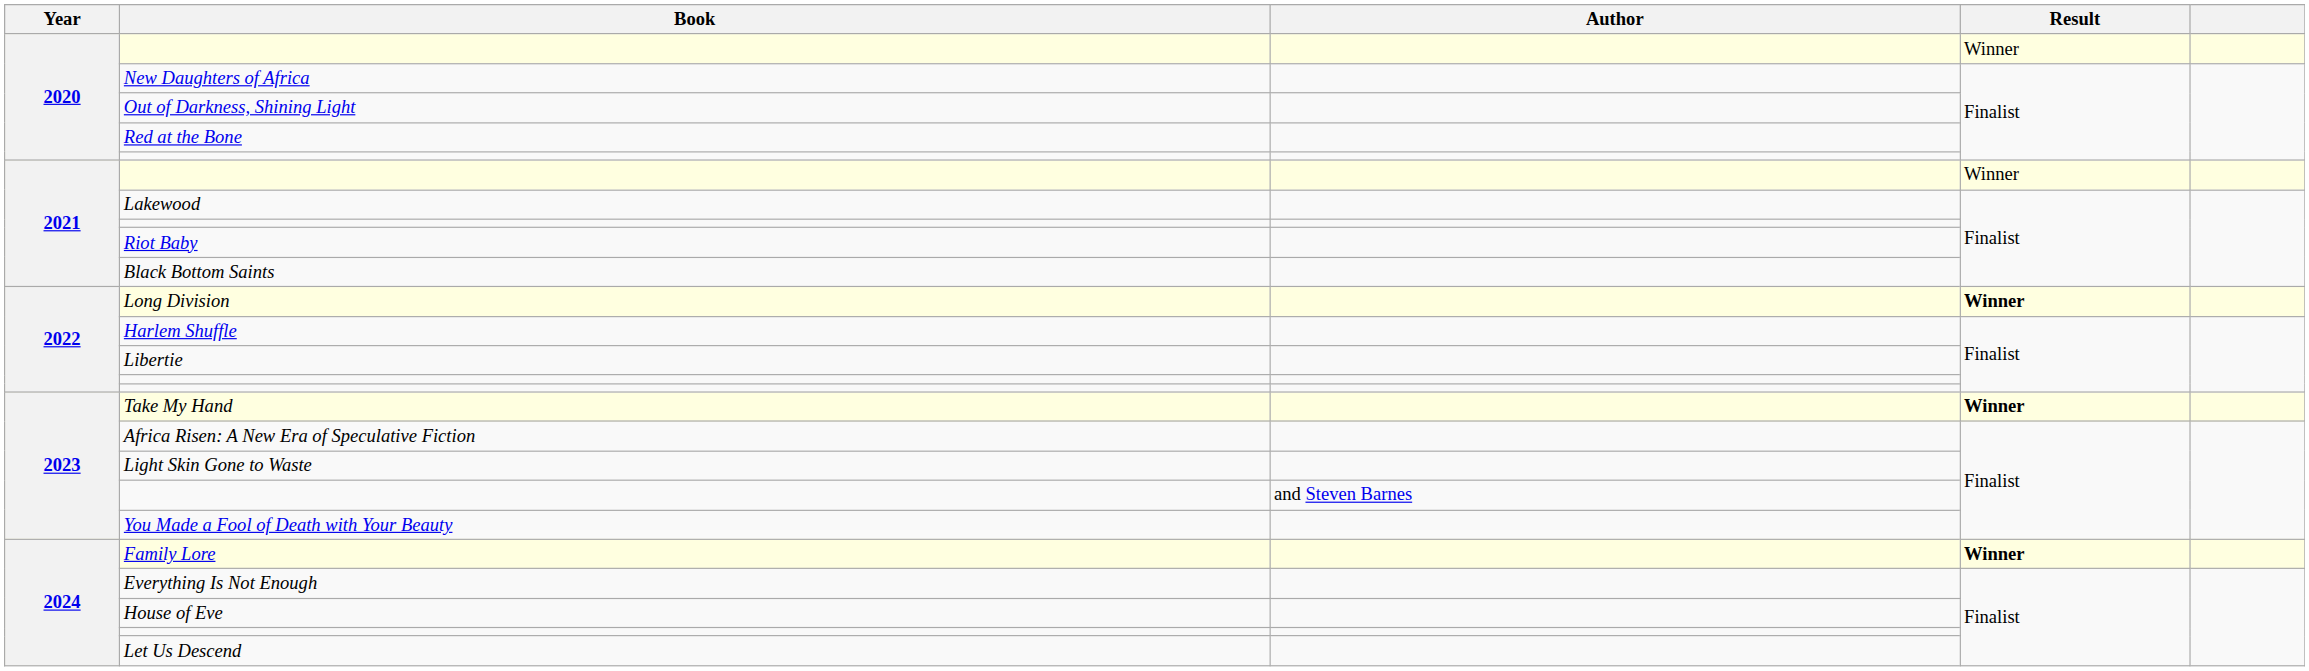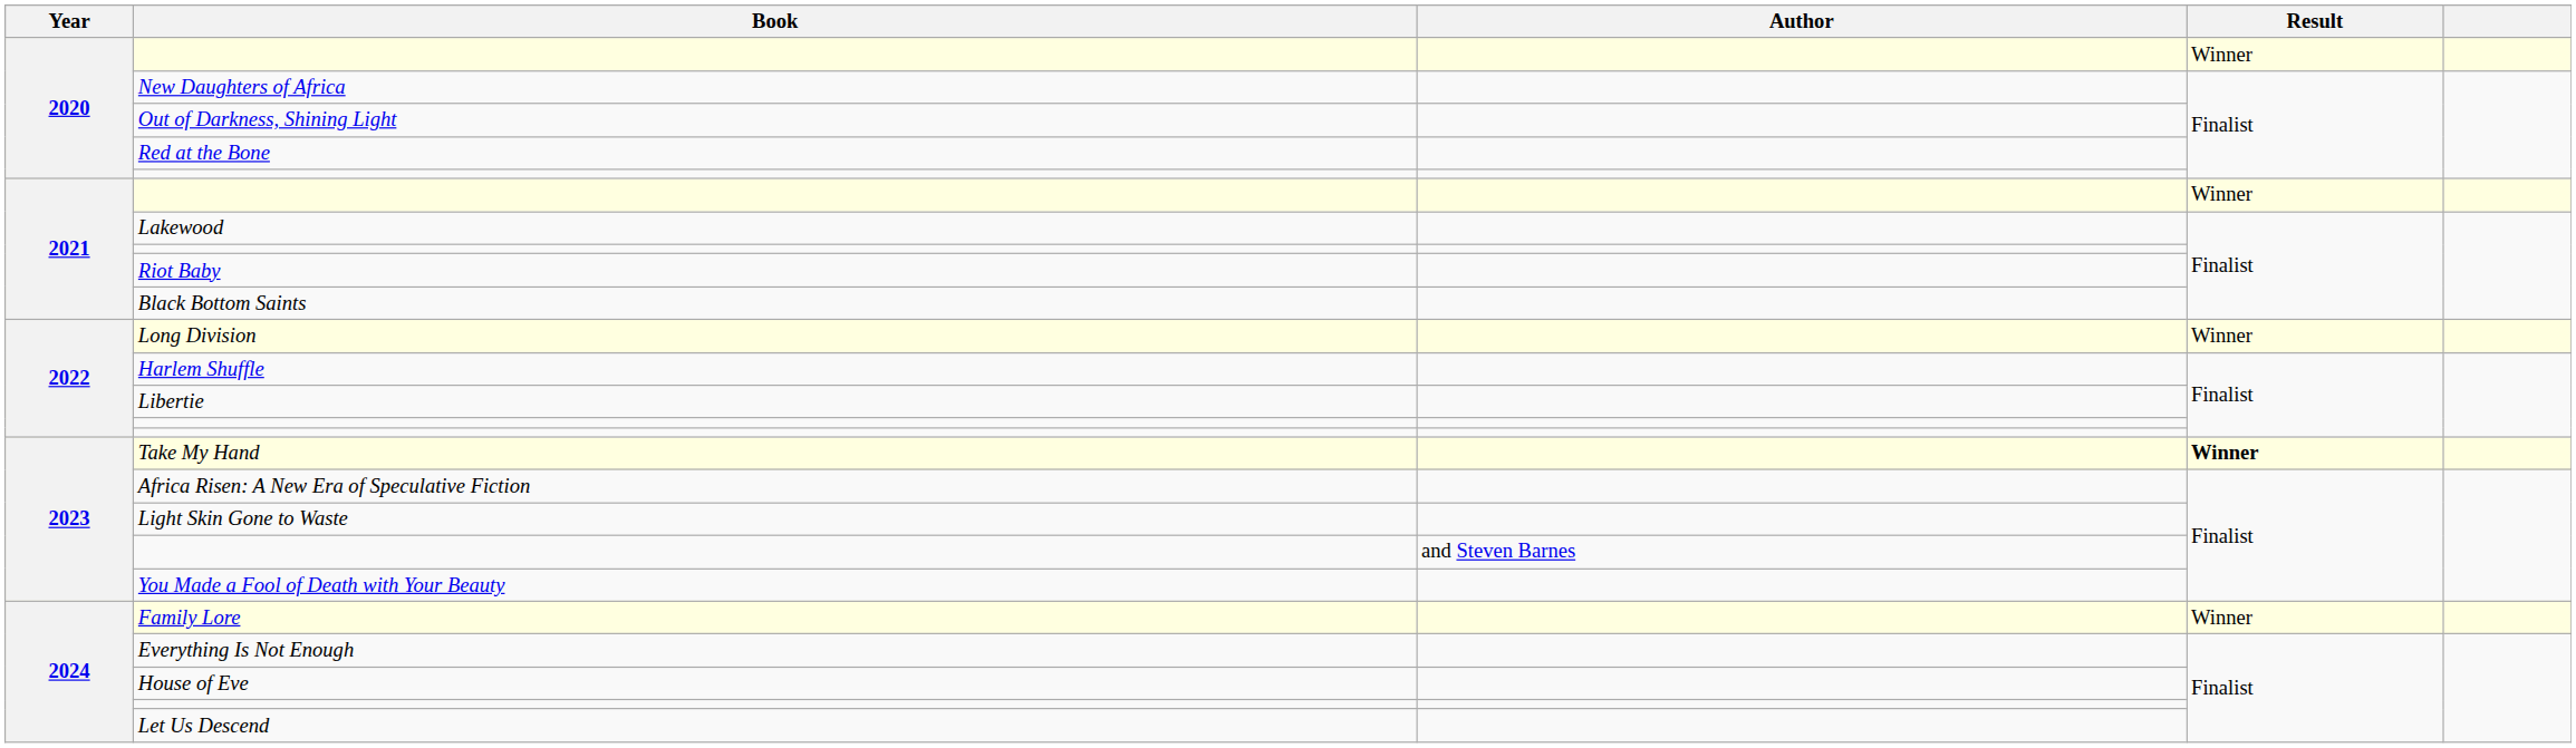 <table class="wikitable sortable" style="width:100%;">
 <tr style="background:#bebebe;">
 <th scope="col"  width="5%">Year</th>
 <th scope="col"  width="50%">Book</th>
 <th scope="col"  width="30%">Author</th>
 <th scope="col" width="10%">Result</th>
 <th scope="col"  width="5%"></th>
 </tr>
 <tr style="background:lightyellow">
 <th rowspan="5"><a href='#'>2020</a></th>
 <td></td>
 <td></td>
 <td>Winner</td>
 <td></td>
 </tr>
 <tr>
 <td><em><a href='#'>New Daughters of Africa</a></em></td>
 <td></td>
 <td rowspan="4">Finalist</td>
 <td rowspan="4"></td>
 </tr>
 <tr>
 <td><em><a href='#'>Out of Darkness, Shining Light</a></em></td>
 <td></td>
 </tr>
 <tr>
 <td><em><a href='#'>Red at the Bone</a></em></td>
 <td></td>
 </tr>
 <tr>
 <td></td>
 <td></td>
 </tr>
 <tr style="background:lightyellow">
 <th rowspan="5"><a href='#'>2021</a></th>
 <td></td>
 <td></td>
 <td>Winner</td>
 <td></td>
 </tr>
 <tr>
 <td><em>Lakewood</em></td>
 <td></td>
 <td rowspan="4">Finalist</td>
 <td rowspan="4"></td>
 </tr>
 <tr>
 <td></td>
 <td></td>
 </tr>
 <tr>
 <td><em><a href='#'>Riot Baby</a></em></td>
 <td></td>
 </tr>
 <tr>
 <td><em>Black Bottom Saints</em></td>
 <td></td>
 </tr>
 <tr style="background:lightyellow">
 <th rowspan="5"><a href='#'>2022</a></th>
 <td><em>Long Division</em></td>
 <td></td>
-<td><strong>Winner</strong></td>
+<td>Winner</td>
 <td></td>
 </tr>
 <tr>
 <td><em><a href='#'>Harlem Shuffle</a></em></td>
 <td></td>
 <td rowspan="4">Finalist</td>
 <td rowspan="4"></td>
 </tr>
 <tr>
 <td><em>Libertie</em></td>
 <td></td>
 </tr>
 <tr>
 <td></td>
 <td></td>
 </tr>
 <tr>
 <td></td>
 <td></td>
 </tr>
 <tr style="background:lightyellow">
 <th rowspan="5"><a href='#'>2023</a></th>
 <td><em>Take My Hand</em></td>
 <td></td>
 <td><strong>Winner</strong></td>
 <td align="center"></td>
 </tr>
 <tr>
 <td><em>Africa Risen: A New Era of Speculative Fiction</em></td>
 <td></td>
 <td rowspan="4">Finalist</td>
 <td rowspan="4"></td>
 </tr>
 <tr>
 <td><em>Light Skin Gone to Waste</em></td>
 <td></td>
 </tr>
 <tr>
 <td></td>
 <td> and <a href='#'>Steven Barnes</a></td>
 </tr>
 <tr>
 <td><em><a href='#'>You Made a Fool of Death with Your Beauty</a></em></td>
 <td></td>
 </tr>
 <tr style="background:lightyellow">
 <th rowspan="5"><a href='#'>2024</a></th>
 <td><em><a href='#'>Family Lore</a></em></td>
 <td></td>
-<td><strong>Winner</strong></td>
+<td>Winner</td>
 <td></td>
 </tr>
 <tr>
 <td><em>Everything Is Not Enough</em></td>
 <td></td>
 <td rowspan="4">Finalist</td>
 <td rowspan="4"></td>
 </tr>
 <tr>
 <td><em>House of Eve</em></td>
 <td></td>
 </tr>
 <tr>
 <td></td>
 <td></td>
 </tr>
 <tr>
 <td><em>Let Us Descend</em></td>
 <td></td>
 </tr>
 </table>
